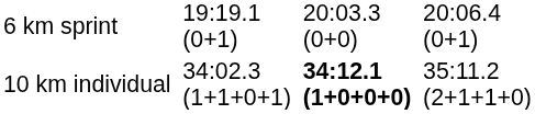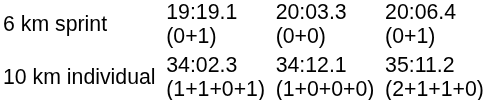 <table>
 <tr>
 <td>6 km sprint</td>
 <td></td>
 <td>19:19.1<br>(0+1)</td>
 <td></td>
 <td>20:03.3<br>(0+0)</td>
 <td></td>
 <td>20:06.4<br>(0+1)</td>
 </tr>
 <tr>
 <td>10 km individual</td>
 <td></td>
 <td>34:02.3<br>(1+1+0+1)</td>
 <td></td>
-<td><strong>34:12.1<br>(1+0+0+0)</strong></td>
+<td>34:12.1<br>(1+0+0+0)</td>
 <td></td>
 <td>35:11.2<br>(2+1+1+0)</td>
 </tr>
 </table>
